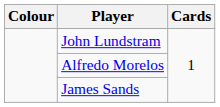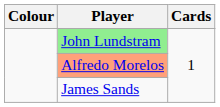 <table class="wikitable" style="text-align:center">
 <tr>
 <th>Colour</th>
 <th>Player</th>
 <th>Cards</th>
 </tr>
 <tr>
 <td rowspan="4"></td>
 </tr>
 <tr>
-<td align="left"><a href='#'>John Lundstram</a></td>
+<td align="left" style="background: lightgreen;"><a href='#'>John Lundstram</a></td>
 <td rowspan="3">1</td>
 </tr>
 <tr>
-<td align="left"><a href='#'>Alfredo Morelos</a></td>
+<td align="left" style="background: lightsalmon;"><a href='#'>Alfredo Morelos</a></td>
 </tr>
 <tr>
 <td align="left"><a href='#'>James Sands</a></td>
 </tr>
 </table>
